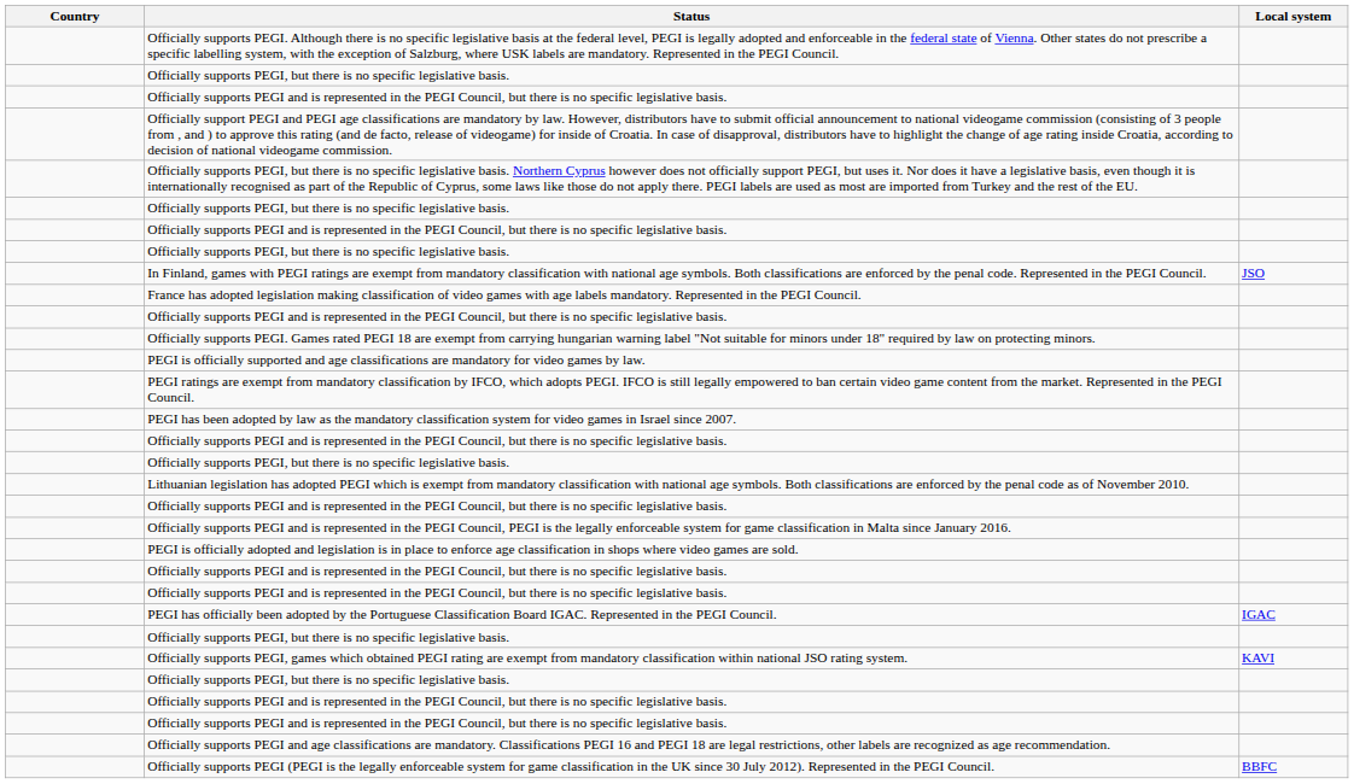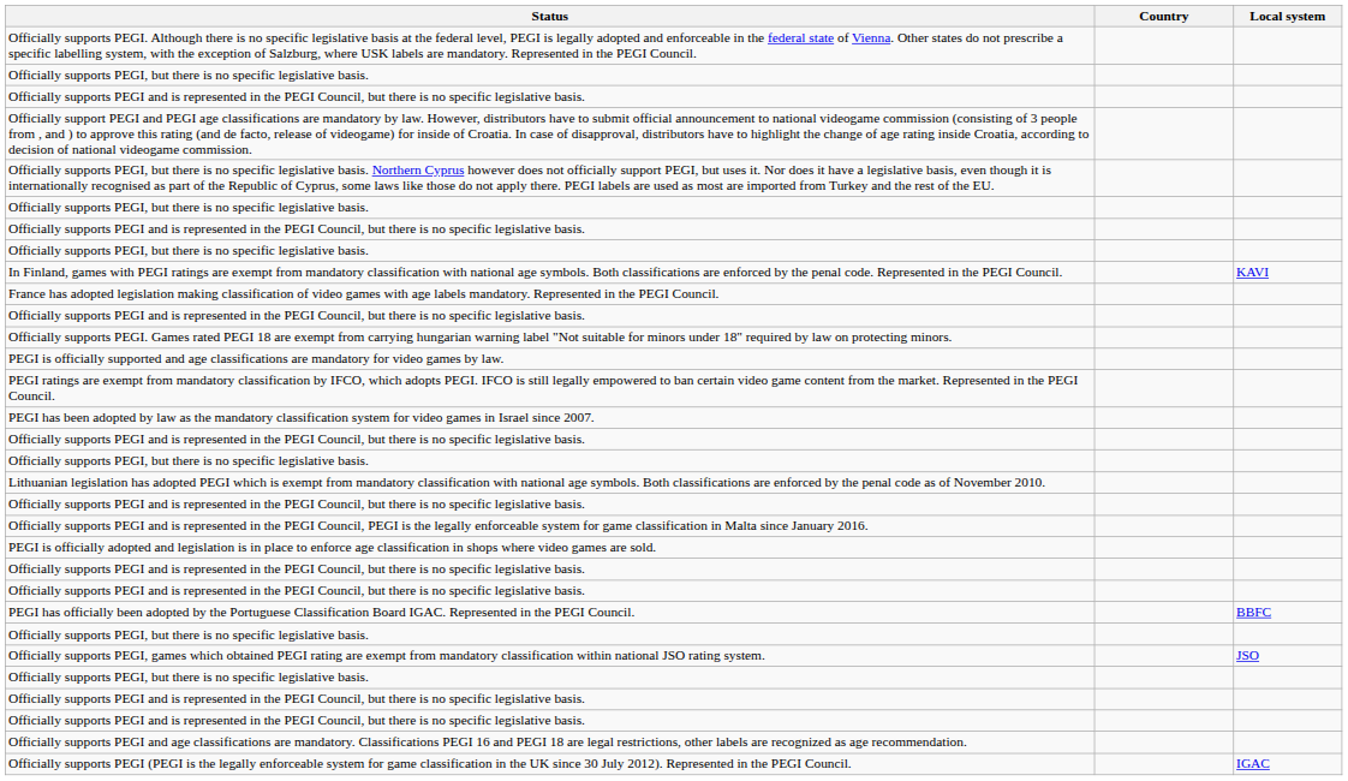 <table class="wikitable">
 <tr>
+<th>Status</th>
 <th style="width: 155px;">Country</th>
-<th>Status</th>
 <th style="width: 120px;">Local system</th>
 </tr>
 <tr>
+<td>Officially supports PEGI. Although there is no specific legislative basis at the federal level, PEGI is legally adopted and enforceable in the <a href='#'>federal state</a> of <a href='#'>Vienna</a>. Other states do not prescribe a specific labelling system, with the exception of Salzburg, where USK labels are mandatory. Represented in the PEGI Council.</td>
 <td></td>
-<td>Officially supports PEGI. Although there is no specific legislative basis at the federal level, PEGI is legally adopted and enforceable in the <a href='#'>federal state</a> of <a href='#'>Vienna</a>. Other states do not prescribe a specific labelling system, with the exception of Salzburg, where USK labels are mandatory. Represented in the PEGI Council.</td>
 <td></td>
 </tr>
 <tr>
+<td>Officially supports PEGI, but there is no specific legislative basis.</td>
 <td></td>
-<td>Officially supports PEGI, but there is no specific legislative basis.</td>
 <td></td>
 </tr>
 <tr>
+<td>Officially supports PEGI and is represented in the PEGI Council, but there is no specific legislative basis.</td>
 <td></td>
-<td>Officially supports PEGI and is represented in the PEGI Council, but there is no specific legislative basis.</td>
 <td></td>
 </tr>
 <tr>
+<td>Officially support PEGI and PEGI age classifications are mandatory by law. However, distributors have to submit official announcement to national videogame commission (consisting of 3 people from ,  and ) to approve this rating (and de facto, release of videogame) for inside of Croatia. In case of disapproval, distributors have to highlight the change of age rating inside Croatia, according to decision of national videogame commission.</td>
 <td></td>
-<td>Officially support PEGI and PEGI age classifications are mandatory by law. However, distributors have to submit official announcement to national videogame commission (consisting of 3 people from ,  and ) to approve this rating (and de facto, release of videogame) for inside of Croatia. In case of disapproval, distributors have to highlight the change of age rating inside Croatia, according to decision of national videogame commission.</td>
 <td></td>
 </tr>
 <tr>
+<td>Officially supports PEGI, but there is no specific legislative basis. <a href='#'>Northern Cyprus</a> however does not officially support PEGI, but uses it. Nor does it have a legislative basis, even though it is internationally recognised as part of the Republic of Cyprus, some laws like those do not apply there. PEGI labels are used as most are imported from Turkey and the rest of the EU.</td>
 <td></td>
-<td>Officially supports PEGI, but there is no specific legislative basis. <a href='#'>Northern Cyprus</a> however does not officially support PEGI, but uses it. Nor does it have a legislative basis, even though it is internationally recognised as part of the Republic of Cyprus, some laws like those do not apply there. PEGI labels are used as most are imported from Turkey and the rest of the EU.</td>
 <td></td>
 </tr>
 <tr>
+<td>Officially supports PEGI, but there is no specific legislative basis.</td>
 <td></td>
-<td>Officially supports PEGI, but there is no specific legislative basis.</td>
 <td></td>
 </tr>
 <tr>
+<td>Officially supports PEGI and is represented in the PEGI Council, but there is no specific legislative basis.</td>
 <td></td>
-<td>Officially supports PEGI and is represented in the PEGI Council, but there is no specific legislative basis.</td>
 <td></td>
 </tr>
 <tr>
+<td>Officially supports PEGI, but there is no specific legislative basis.</td>
 <td></td>
-<td>Officially supports PEGI, but there is no specific legislative basis.</td>
 <td></td>
 </tr>
 <tr>
+<td>In Finland, games with PEGI ratings are exempt from mandatory classification with national age symbols. Both classifications are enforced by the penal code. Represented in the PEGI Council.</td>
 <td></td>
-<td>In Finland, games with PEGI ratings are exempt from mandatory classification with national age symbols. Both classifications are enforced by the penal code. Represented in the PEGI Council.</td>
+<td><a href='#'>KAVI</a></td>
+</tr>
+<tr>
+<td>France has adopted legislation making classification of video games with age labels mandatory. Represented in the PEGI Council.</td>
+<td></td>
+<td></td>
+</tr>
+<tr>
+<td>Officially supports PEGI and is represented in the PEGI Council, but there is no specific legislative basis.</td>
+<td></td>
+<td></td>
+</tr>
+<tr>
+<td>Officially supports PEGI. Games rated PEGI 18 are exempt from carrying hungarian warning label "Not suitable for minors under 18" required by law on protecting minors.</td>
+<td></td>
+<td></td>
+</tr>
+<tr>
+<td>PEGI is officially supported and age classifications are mandatory for video games by law.</td>
+<td></td>
+<td></td>
+</tr>
+<tr>
+<td>PEGI ratings are exempt from mandatory classification by IFCO, which adopts PEGI. IFCO is still legally empowered to ban certain video game content from the market. Represented in the PEGI Council.</td>
+<td></td>
+<td></td>
+</tr>
+<tr>
+<td>PEGI has been adopted by law as the mandatory classification system for video games in Israel since 2007.</td>
+<td></td>
+<td></td>
+</tr>
+<tr>
+<td>Officially supports PEGI and is represented in the PEGI Council, but there is no specific legislative basis.</td>
+<td></td>
+<td></td>
+</tr>
+<tr>
+<td>Officially supports PEGI, but there is no specific legislative basis.</td>
+<td></td>
+<td></td>
+</tr>
+<tr>
+<td>Lithuanian legislation has adopted PEGI which is exempt from mandatory classification with national age symbols. Both classifications are enforced by the penal code as of November 2010.</td>
+<td></td>
+<td></td>
+</tr>
+<tr>
+<td>Officially supports PEGI and is represented in the PEGI Council, but there is no specific legislative basis.</td>
+<td></td>
+<td></td>
+</tr>
+<tr>
+<td>Officially supports PEGI and is represented in the PEGI Council, PEGI is the legally enforceable system for game classification in Malta since January 2016.</td>
+<td></td>
+<td></td>
+</tr>
+<tr>
+<td>PEGI is officially adopted and legislation is in place to enforce age classification in shops where video games are sold.</td>
+<td></td>
+<td></td>
+</tr>
+<tr>
+<td>Officially supports PEGI and is represented in the PEGI Council, but there is no specific legislative basis.</td>
+<td></td>
+<td></td>
+</tr>
+<tr>
+<td>Officially supports PEGI and is represented in the PEGI Council, but there is no specific legislative basis.</td>
+<td></td>
+<td></td>
+</tr>
+<tr>
+<td>PEGI has officially been adopted by the Portuguese Classification Board IGAC. Represented in the PEGI Council.</td>
+<td></td>
+<td><a href='#'>BBFC</a></td>
+</tr>
+<tr>
+<td>Officially supports PEGI, but there is no specific legislative basis.</td>
+<td></td>
+<td></td>
+</tr>
+<tr>
+<td>Officially supports PEGI, games which obtained PEGI rating are exempt from mandatory classification within national JSO rating system.</td>
+<td></td>
 <td><a href='#'>JSO</a></td>
 </tr>
 <tr>
+<td>Officially supports PEGI, but there is no specific legislative basis.</td>
 <td></td>
-<td>France has adopted legislation making classification of video games with age labels mandatory. Represented in the PEGI Council.</td>
 <td></td>
 </tr>
 <tr>
+<td>Officially supports PEGI and is represented in the PEGI Council, but there is no specific legislative basis.</td>
 <td></td>
-<td>Officially supports PEGI and is represented in the PEGI Council, but there is no specific legislative basis.</td>
 <td></td>
 </tr>
 <tr>
+<td>Officially supports PEGI and is represented in the PEGI Council, but there is no specific legislative basis.</td>
 <td></td>
-<td>Officially supports PEGI. Games rated PEGI 18 are exempt from carrying hungarian warning label "Not suitable for minors under 18" required by law on protecting minors.</td>
 <td></td>
 </tr>
 <tr>
+<td>Officially supports PEGI and age classifications are mandatory. Classifications PEGI 16 and PEGI 18 are legal restrictions, other labels are recognized as age recommendation.</td>
 <td></td>
-<td>PEGI is officially supported and age classifications are mandatory for video games by law.</td>
 <td></td>
 </tr>
 <tr>
+<td>Officially supports PEGI (PEGI is the legally enforceable system for game classification in the UK since 30 July 2012). Represented in the PEGI Council.</td>
 <td></td>
-<td>PEGI ratings are exempt from mandatory classification by IFCO, which adopts PEGI. IFCO is still legally empowered to ban certain video game content from the market. Represented in the PEGI Council.</td>
-<td></td>
-</tr>
-<tr>
-<td></td>
-<td>PEGI has been adopted by law as the mandatory classification system for video games in Israel since 2007.</td>
-<td></td>
-</tr>
-<tr>
-<td></td>
-<td>Officially supports PEGI and is represented in the PEGI Council, but there is no specific legislative basis.</td>
-<td></td>
-</tr>
-<tr>
-<td></td>
-<td>Officially supports PEGI, but there is no specific legislative basis.</td>
-<td></td>
-</tr>
-<tr>
-<td></td>
-<td>Lithuanian legislation has adopted PEGI which is exempt from mandatory classification with national age symbols. Both classifications are enforced by the penal code as of November 2010.</td>
-<td></td>
-</tr>
-<tr>
-<td></td>
-<td>Officially supports PEGI and is represented in the PEGI Council, but there is no specific legislative basis.</td>
-<td></td>
-</tr>
-<tr>
-<td></td>
-<td>Officially supports PEGI and is represented in the PEGI Council, PEGI is the legally enforceable system for game classification in Malta since January 2016.</td>
-<td></td>
-</tr>
-<tr>
-<td></td>
-<td>PEGI is officially adopted and legislation is in place to enforce age classification in shops where video games are sold.</td>
-<td></td>
-</tr>
-<tr>
-<td></td>
-<td>Officially supports PEGI and is represented in the PEGI Council, but there is no specific legislative basis.</td>
-<td></td>
-</tr>
-<tr>
-<td></td>
-<td>Officially supports PEGI and is represented in the PEGI Council, but there is no specific legislative basis.</td>
-<td></td>
-</tr>
-<tr>
-<td></td>
-<td>PEGI has officially been adopted by the Portuguese Classification Board IGAC. Represented in the PEGI Council.</td>
 <td><a href='#'>IGAC</a></td>
 </tr>
-<tr>
-<td></td>
-<td>Officially supports PEGI, but there is no specific legislative basis.</td>
-<td></td>
-</tr>
-<tr>
-<td></td>
-<td>Officially supports PEGI, games which obtained PEGI rating are exempt from mandatory classification within national JSO rating system.</td>
-<td><a href='#'>KAVI</a></td>
-</tr>
-<tr>
-<td></td>
-<td>Officially supports PEGI, but there is no specific legislative basis.</td>
-<td></td>
-</tr>
-<tr>
-<td></td>
-<td>Officially supports PEGI and is represented in the PEGI Council, but there is no specific legislative basis.</td>
-<td></td>
-</tr>
-<tr>
-<td></td>
-<td>Officially supports PEGI and is represented in the PEGI Council, but there is no specific legislative basis.</td>
-<td></td>
-</tr>
-<tr>
-<td></td>
-<td>Officially supports PEGI and age classifications are mandatory. Classifications PEGI 16 and PEGI 18 are legal restrictions, other labels are recognized as age recommendation.</td>
-<td></td>
-</tr>
-<tr>
-<td></td>
-<td>Officially supports PEGI (PEGI is the legally enforceable system for game classification in the UK since 30 July 2012). Represented in the PEGI Council.</td>
-<td><a href='#'>BBFC</a></td>
-</tr>
 </table>
